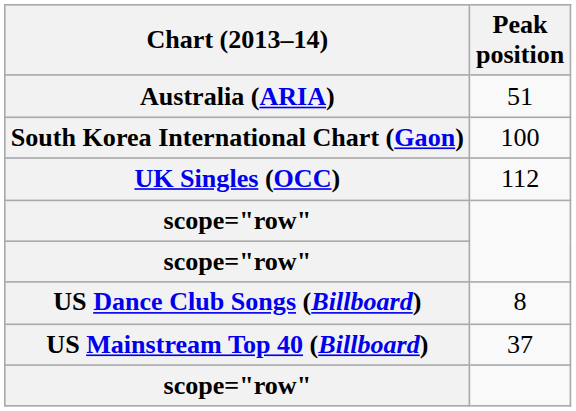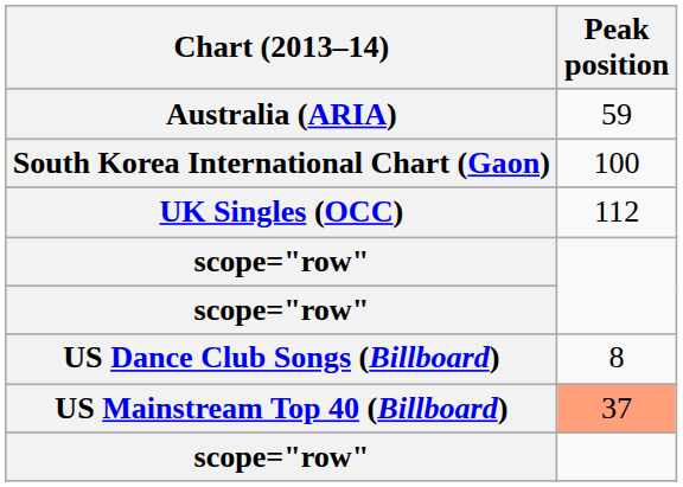 <table class="wikitable sortable plainrowheaders" style="text-align:center;">
 <tr>
 <th>Chart (2013–14)</th>
 <th>Peak<br>position</th>
 </tr>
 <tr>
 <th scope="row">Australia (<a href='#'>ARIA</a>)</th>
-<td>51</td>
+<td>59</td>
 </tr>
 <tr>
 <th scope="row">South Korea International Chart (<a href='#'>Gaon</a>)</th>
 <td>100</td>
 </tr>
 <tr>
 <th scope="row"><a href='#'>UK Singles</a> (<a href='#'>OCC</a>)</th>
 <td>112</td>
 </tr>
 <tr>
 <th>scope="row" </th>
 </tr>
 <tr>
 <th>scope="row" </th>
 </tr>
 <tr>
 <th scope="row">US <a href='#'>Dance Club Songs</a> (<em><a href='#'>Billboard</a></em>)</th>
 <td>8</td>
 </tr>
 <tr>
 <th scope="row">US <a href='#'>Mainstream Top 40</a> (<em><a href='#'>Billboard</a></em>)</th>
-<td>37</td>
+<td style="background: lightsalmon;">37</td>
 </tr>
 <tr>
 <th>scope="row" </th>
 </tr>
 </table>
